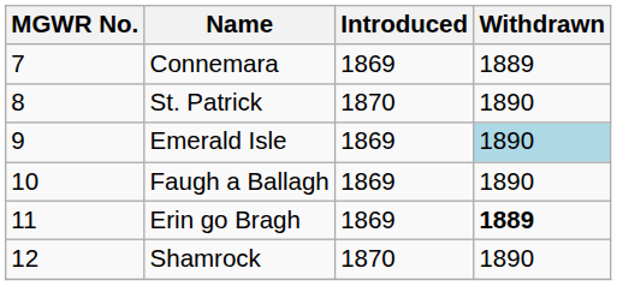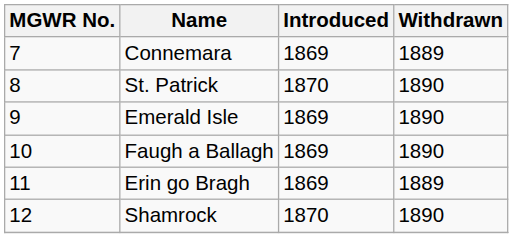 <table class="wikitable">
 <tr>
 <th>MGWR No.</th>
 <th>Name</th>
 <th>Introduced</th>
 <th>Withdrawn</th>
 </tr>
 <tr>
 <td>7</td>
 <td>Connemara</td>
 <td>1869</td>
 <td>1889</td>
 </tr>
 <tr>
 <td>8</td>
 <td>St. Patrick</td>
 <td>1870</td>
 <td>1890</td>
 </tr>
 <tr>
 <td>9</td>
 <td>Emerald Isle</td>
 <td>1869</td>
-<td style="background: lightblue;">1890</td>
+<td>1890</td>
 </tr>
 <tr>
 <td>10</td>
 <td>Faugh a Ballagh</td>
 <td>1869</td>
 <td>1890</td>
 </tr>
 <tr>
 <td>11</td>
 <td>Erin go Bragh</td>
 <td>1869</td>
-<td><strong>1889</strong></td>
+<td>1889</td>
 </tr>
 <tr>
 <td>12</td>
 <td>Shamrock</td>
 <td>1870</td>
 <td>1890</td>
 </tr>
 <tr>
 </tr>
 </table>
